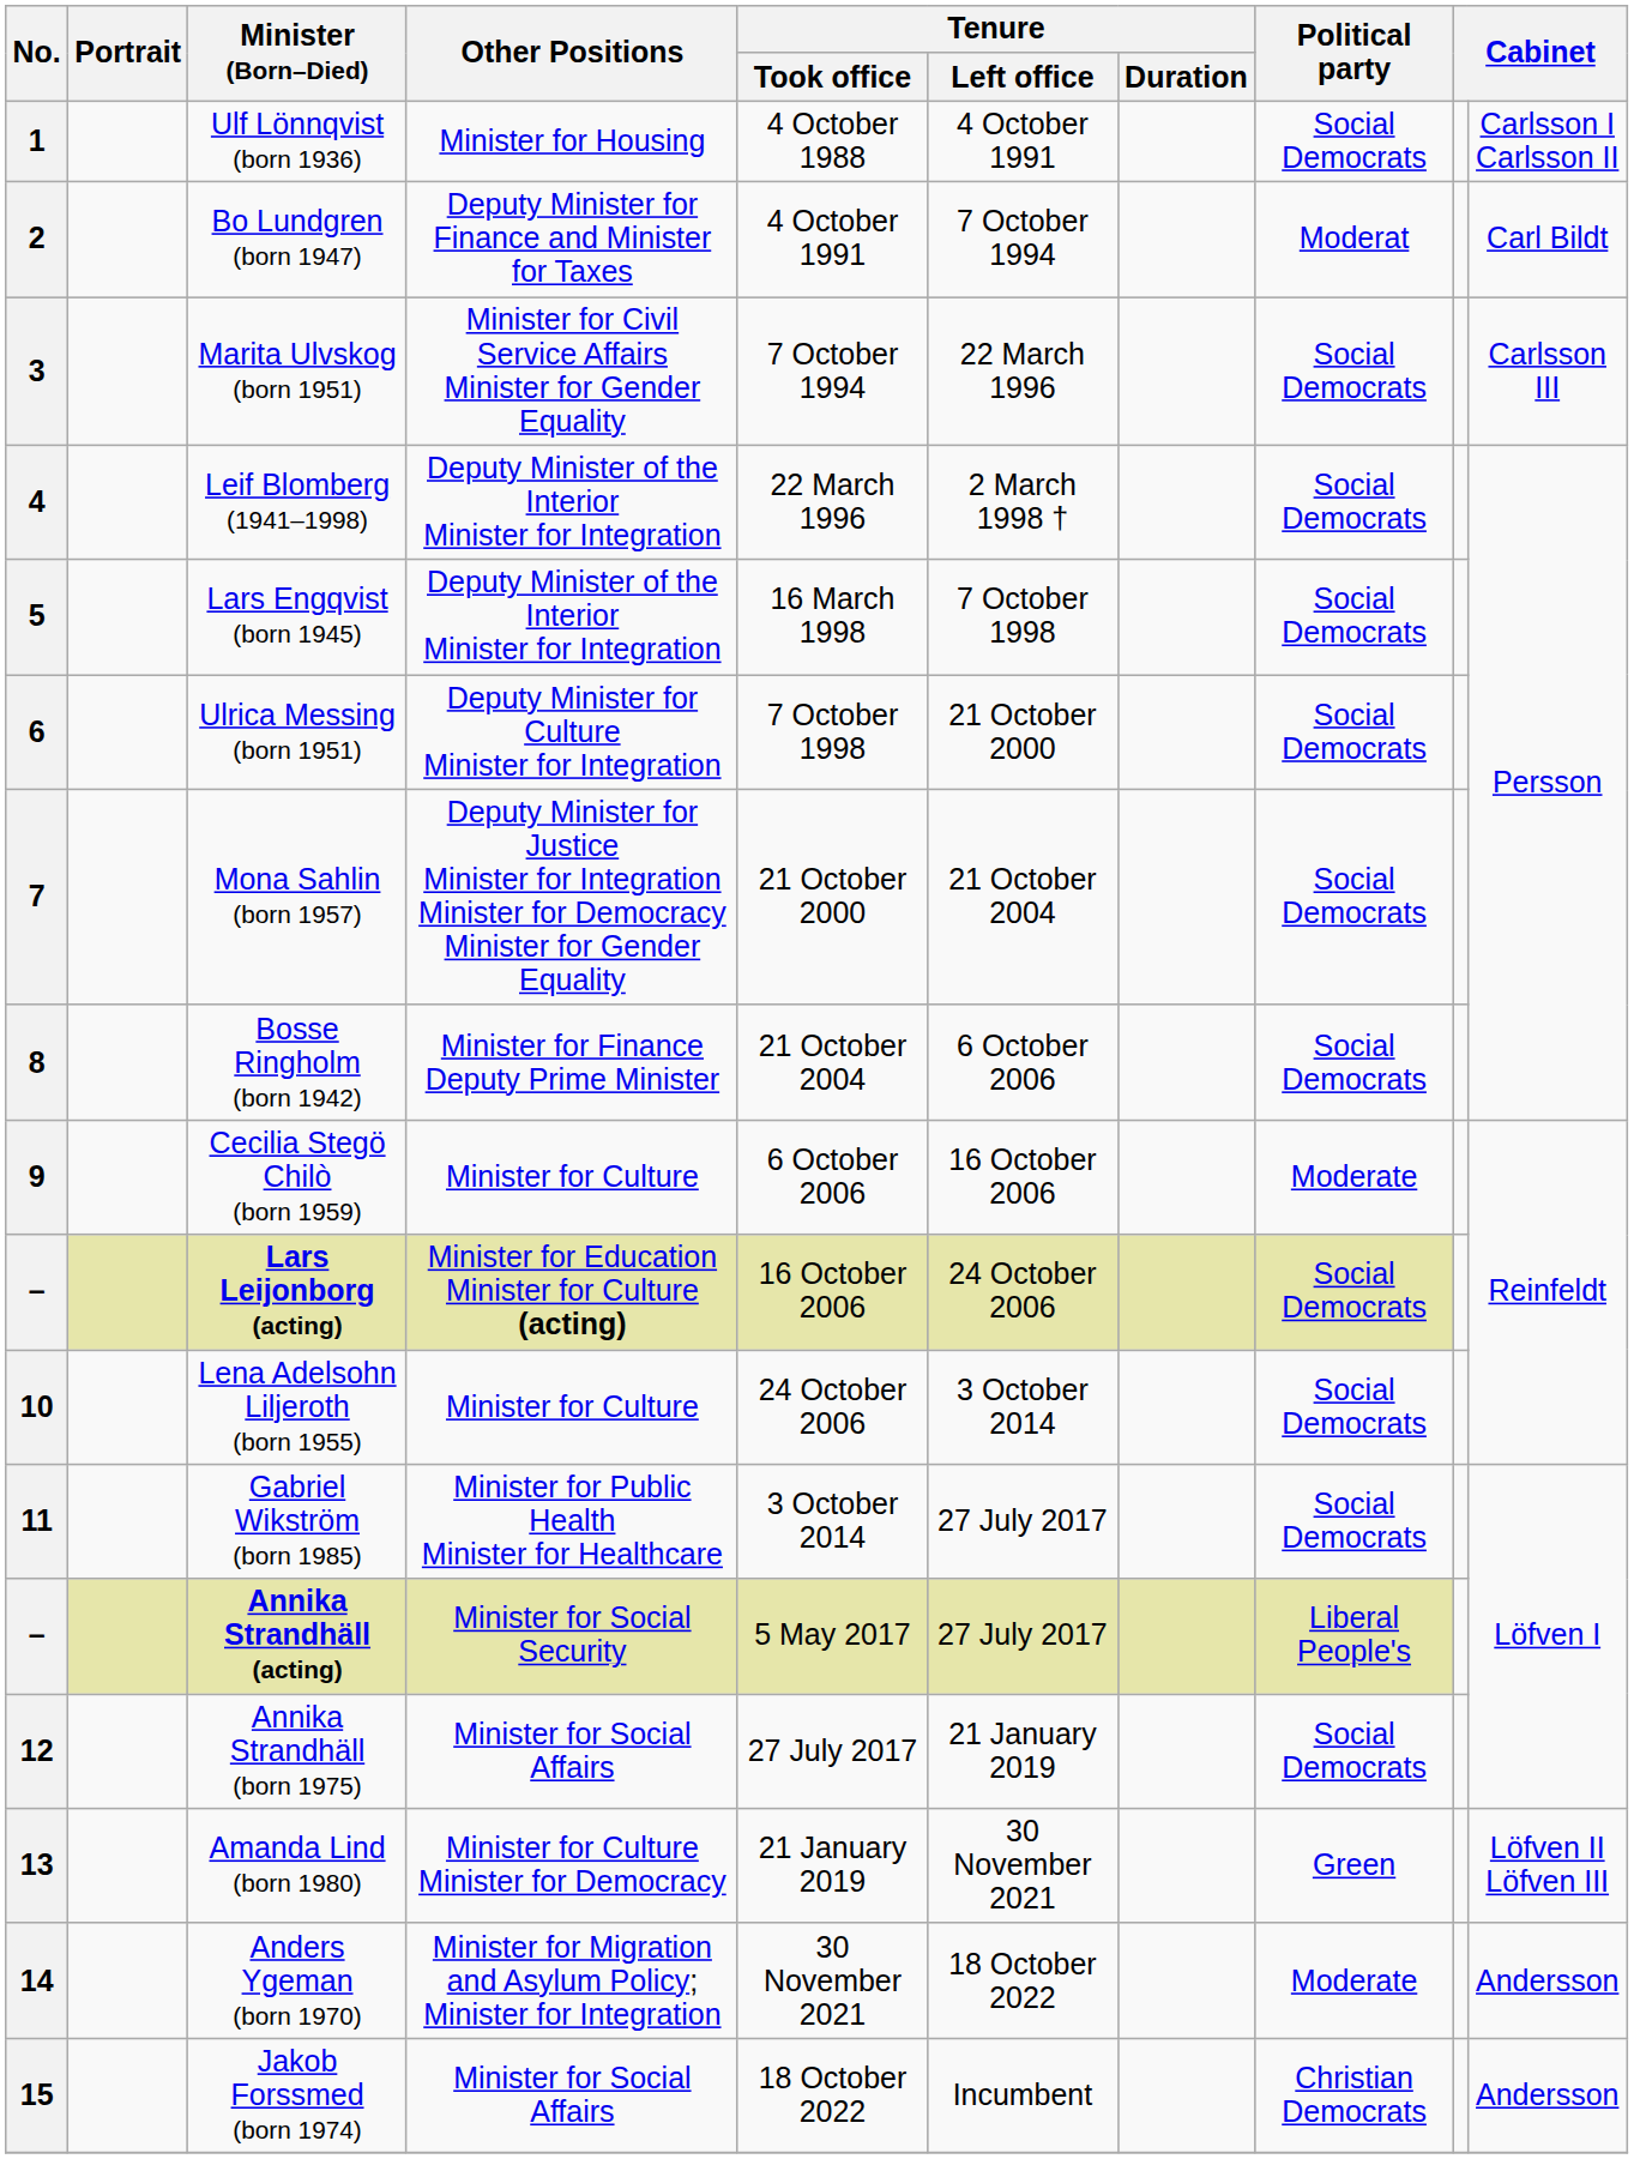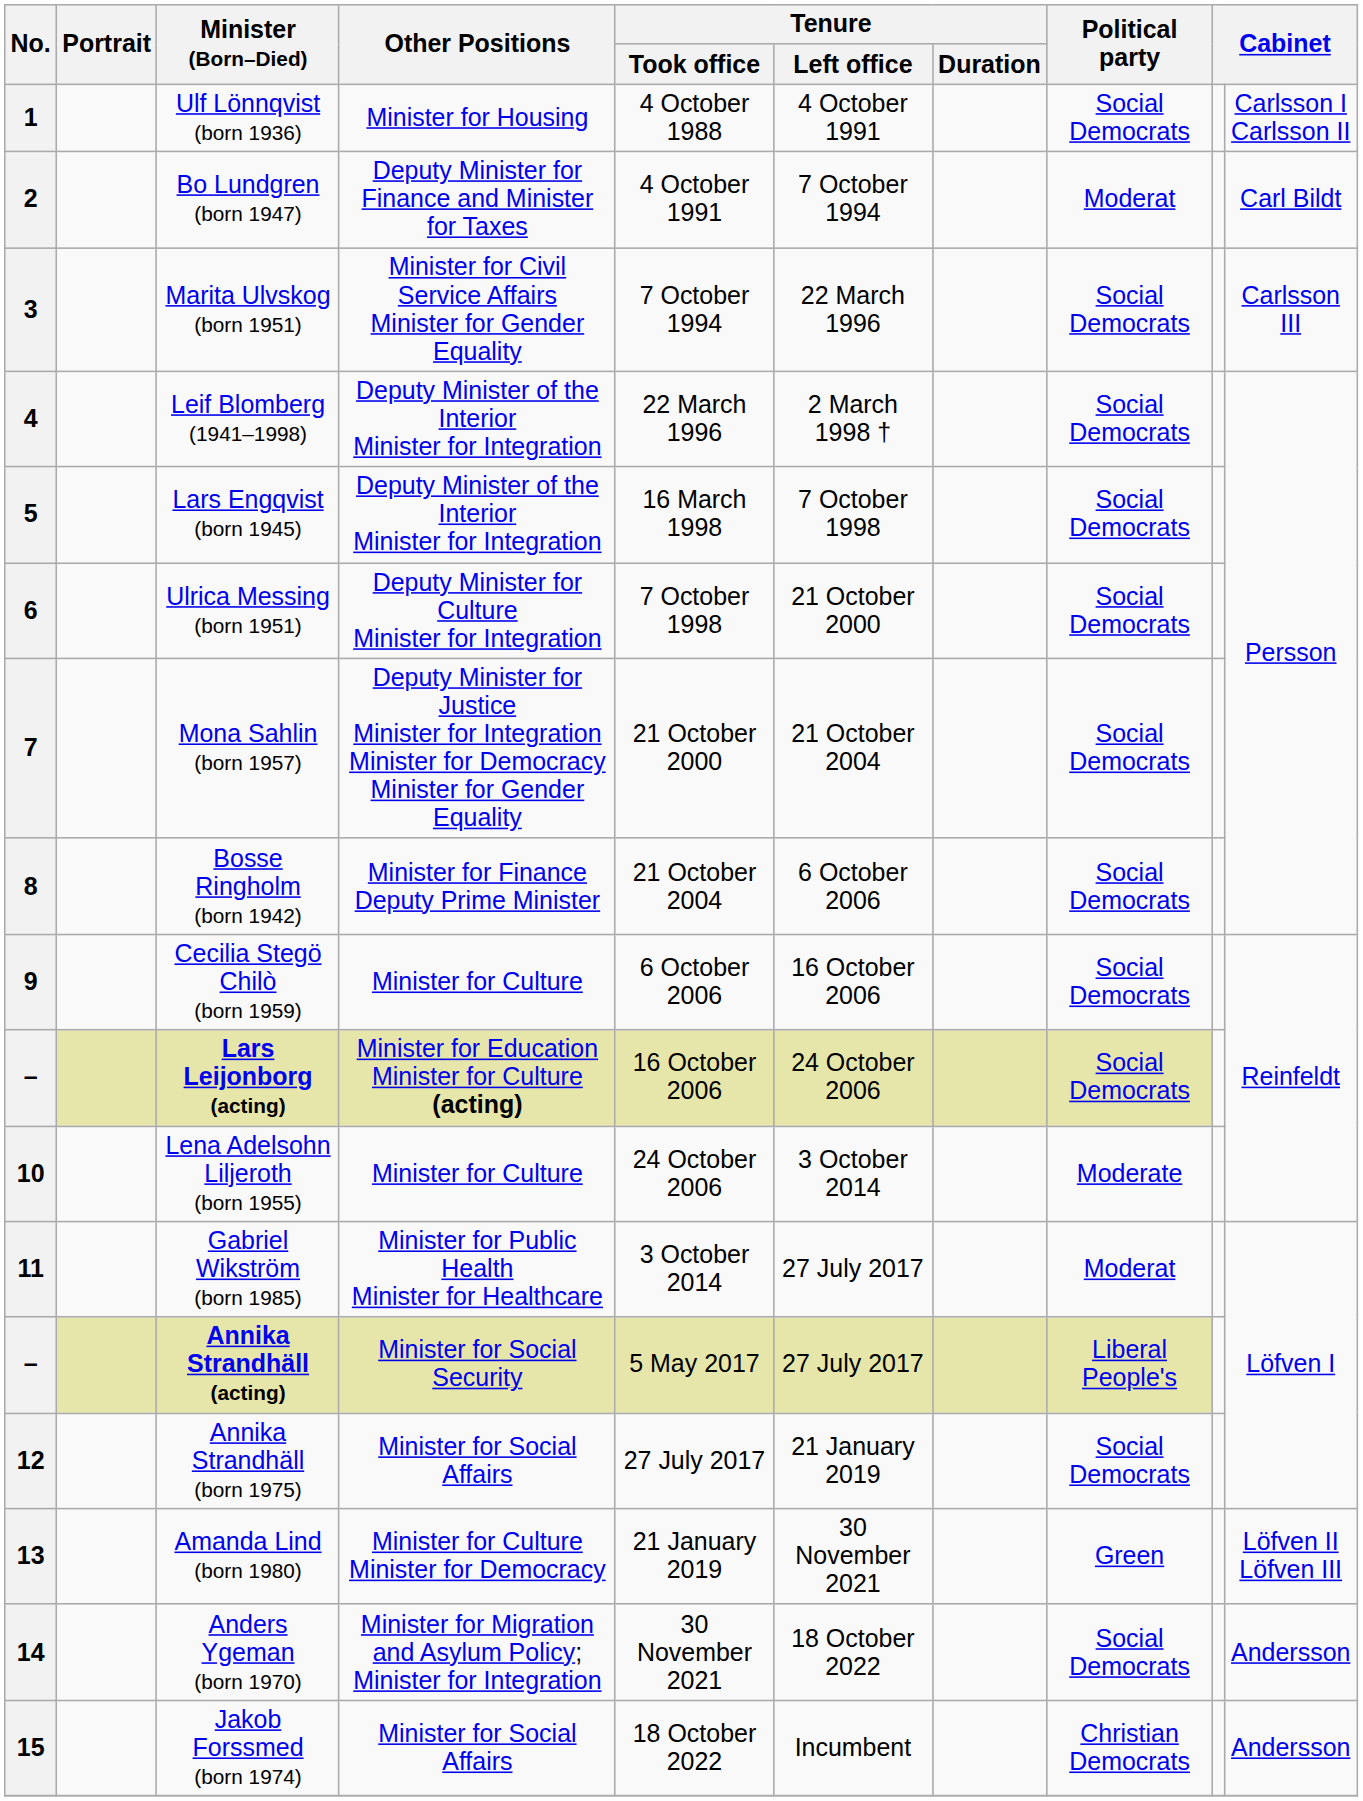 <table class="wikitable" style="text-align: center;">
 <tr>
 <th rowspan="2">No.</th>
 <th rowspan="2">Portrait</th>
 <th rowspan="2">Minister<br><small>(Born–Died)</small></th>
 <th rowspan="2">Other Positions</th>
 <th colspan="3">Tenure</th>
 <th rowspan="2">Political party</th>
 <th rowspan="2" colspan="2"><a href='#'>Cabinet</a></th>
 </tr>
 <tr>
 <th>Took office</th>
 <th>Left office</th>
 <th>Duration</th>
 </tr>
 <tr>
 <th style="background: ">1</th>
 <td></td>
 <td><a href='#'>Ulf Lönnqvist</a><br><small>(born 1936)</small></td>
 <td><a href='#'>Minister for Housing</a></td>
 <td>4 October 1988</td>
 <td>4 October 1991</td>
 <td></td>
 <td><a href='#'>Social Democrats</a></td>
 <td style="background: "></td>
 <td><a href='#'>Carlsson I</a><br><a href='#'>Carlsson II</a></td>
 </tr>
 <tr>
 <th style="background: ">2</th>
 <td></td>
 <td><a href='#'>Bo Lundgren</a><br><small>(born 1947)</small></td>
 <td><a href='#'>Deputy Minister for Finance and Minister for Taxes</a></td>
 <td>4 October 1991</td>
 <td>7 October 1994</td>
 <td></td>
 <td><a href='#'>Moderat</a></td>
 <td style="background: "></td>
 <td><a href='#'>Carl Bildt</a></td>
 </tr>
 <tr>
 <th style="background: ">3</th>
 <td></td>
 <td><a href='#'>Marita Ulvskog</a><br><small>(born 1951)</small></td>
 <td><a href='#'>Minister for Civil Service Affairs</a><br><a href='#'>Minister for Gender Equality</a></td>
 <td>7 October 1994</td>
 <td>22 March 1996</td>
 <td></td>
 <td><a href='#'>Social Democrats</a></td>
 <td style="background: "></td>
 <td><a href='#'>Carlsson III</a></td>
 </tr>
 <tr>
 <th style="background: ">4</th>
 <td></td>
 <td><a href='#'>Leif Blomberg</a><br><small>(1941–1998)</small></td>
 <td><a href='#'>Deputy Minister of the Interior</a><br><a href='#'>Minister for Integration</a></td>
 <td>22 March 1996</td>
 <td>2 March 1998 †</td>
 <td></td>
 <td><a href='#'>Social Democrats</a></td>
 <td style="background: "></td>
 <td rowspan="5"><a href='#'>Persson</a></td>
 </tr>
 <tr>
 <th style="background: ">5</th>
 <td></td>
 <td><a href='#'>Lars Engqvist</a><br><small>(born 1945)</small></td>
 <td><a href='#'>Deputy Minister of the Interior</a><br><a href='#'>Minister for Integration</a></td>
 <td>16 March 1998</td>
 <td>7 October 1998</td>
 <td></td>
 <td><a href='#'>Social Democrats</a></td>
 <td style="background: "></td>
 </tr>
 <tr>
 <th style="background: ">6</th>
 <td></td>
 <td><a href='#'>Ulrica Messing</a><br><small>(born 1951)</small></td>
 <td><a href='#'>Deputy Minister for Culture</a><br><a href='#'>Minister for Integration</a></td>
 <td>7 October 1998</td>
 <td>21 October 2000</td>
 <td></td>
 <td><a href='#'>Social Democrats</a></td>
 <td style="background: "></td>
 </tr>
 <tr>
 <th style="background: ">7</th>
 <td></td>
 <td><a href='#'>Mona Sahlin</a><br><small>(born 1957)</small></td>
 <td><a href='#'>Deputy Minister for Justice</a><br><a href='#'>Minister for Integration</a><br><a href='#'>Minister for Democracy</a><br><a href='#'>Minister for Gender Equality</a></td>
 <td>21 October 2000</td>
 <td>21 October 2004</td>
 <td></td>
 <td><a href='#'>Social Democrats</a></td>
 <td style="background: "></td>
 </tr>
 <tr>
 <th style="background: ">8</th>
 <td></td>
 <td><a href='#'>Bosse Ringholm</a><br><small>(born 1942)</small></td>
 <td><a href='#'>Minister for Finance</a><br><a href='#'>Deputy Prime Minister</a></td>
 <td>21 October 2004</td>
 <td>6 October 2006</td>
 <td></td>
 <td><a href='#'>Social Democrats</a></td>
 <td style="background: "></td>
 </tr>
 <tr>
 <th style="background: ">9</th>
 <td></td>
 <td><a href='#'>Cecilia Stegö Chilò</a><br><small>(born 1959)</small></td>
 <td><a href='#'>Minister for Culture</a></td>
 <td>6 October 2006</td>
 <td>16 October 2006</td>
 <td></td>
-<td><a href='#'>Moderate</a></td>
+<td><a href='#'>Social Democrats</a></td>
 <td style="background: "></td>
 <td rowspan="3"><a href='#'>Reinfeldt</a></td>
 </tr>
 <tr>
 <th style="background: ">–</th>
 <td bgcolor=#E6E6AA></td>
 <td bgcolor=#E6E6AA><strong><a href='#'>Lars Leijonborg</a></strong><br><small><strong>(acting)</strong></small></td>
 <td bgcolor=#E6E6AA><a href='#'>Minister for Education</a><br><a href='#'>Minister for Culture</a> <strong>(acting)</strong></td>
 <td bgcolor=#E6E6AA>16 October 2006</td>
 <td bgcolor=#E6E6AA>24 October 2006</td>
 <td bgcolor=#E6E6AA></td>
 <td bgcolor=#E6E6AA><a href='#'>Social Democrats</a></td>
 <td style="background: "></td>
 </tr>
 <tr>
 <th style="background: ">10</th>
 <td></td>
 <td><a href='#'>Lena Adelsohn Liljeroth</a><br><small>(born 1955)</small></td>
 <td><a href='#'>Minister for Culture</a></td>
 <td>24 October 2006</td>
 <td>3 October 2014</td>
 <td></td>
-<td><a href='#'>Social Democrats</a></td>
+<td><a href='#'>Moderate</a></td>
 <td style="background: "></td>
 </tr>
 <tr>
 <th style="background: ">11</th>
 <td></td>
 <td><a href='#'>Gabriel Wikström</a><br><small>(born 1985)</small></td>
 <td><a href='#'>Minister for Public Health</a><br><a href='#'>Minister for Healthcare</a></td>
 <td>3 October 2014</td>
 <td>27 July 2017</td>
 <td></td>
-<td><a href='#'>Social Democrats</a></td>
+<td><a href='#'>Moderat</a></td>
 <td style="background: "></td>
 <td rowspan="3"><a href='#'>Löfven I</a></td>
 </tr>
 <tr>
 <th style="background: ">–</th>
 <td bgcolor=#E6E6AA></td>
 <td bgcolor=#E6E6AA><strong><a href='#'>Annika Strandhäll</a></strong><br><small><strong>(acting)</strong></small></td>
 <td bgcolor=#E6E6AA><a href='#'>Minister for Social Security</a></td>
 <td bgcolor=#E6E6AA>5 May 2017</td>
 <td bgcolor=#E6E6AA>27 July 2017</td>
 <td bgcolor=#E6E6AA></td>
 <td bgcolor=#E6E6AA><a href='#'>Liberal People's</a></td>
 <td style="background: "></td>
 </tr>
 <tr>
 <th style="background: ">12</th>
 <td></td>
 <td><a href='#'>Annika Strandhäll</a><br><small>(born 1975)</small></td>
 <td><a href='#'>Minister for Social Affairs</a></td>
 <td>27 July 2017</td>
 <td>21 January 2019</td>
 <td></td>
 <td><a href='#'>Social Democrats</a></td>
 <td style="background: "></td>
 </tr>
 <tr>
 <th style="background: ">13</th>
 <td></td>
 <td><a href='#'>Amanda Lind</a><br><small>(born 1980)</small></td>
 <td><a href='#'>Minister for Culture</a> <br> <a href='#'>Minister for Democracy</a></td>
 <td>21 January 2019</td>
 <td>30 November 2021</td>
 <td></td>
 <td><a href='#'>Green</a></td>
 <td style="background: "></td>
 <td><a href='#'>Löfven II</a> <br> <a href='#'>Löfven III</a></td>
 </tr>
 <tr>
 <th style="background: ">14</th>
 <td></td>
 <td><a href='#'>Anders Ygeman</a><br><small>(born 1970)</small></td>
 <td><a href='#'>Minister for Migration and Asylum Policy</a>; <br> <a href='#'>Minister for Integration</a></td>
 <td>30 November 2021</td>
 <td>18 October 2022</td>
 <td></td>
-<td><a href='#'>Moderate</a></td>
+<td><a href='#'>Social Democrats</a></td>
 <td style="background: "></td>
 <td><a href='#'>Andersson</a></td>
 </tr>
 <tr>
 <th style="background: ">15</th>
 <td></td>
 <td><a href='#'>Jakob Forssmed</a><br><small>(born 1974)</small></td>
 <td><a href='#'>Minister for Social Affairs</a></td>
 <td>18 October 2022</td>
 <td>Incumbent</td>
 <td></td>
 <td><a href='#'>Christian Democrats</a></td>
 <td style="background: "></td>
 <td><a href='#'>Andersson</a></td>
 </tr>
 <tr>
 </tr>
 </table>
